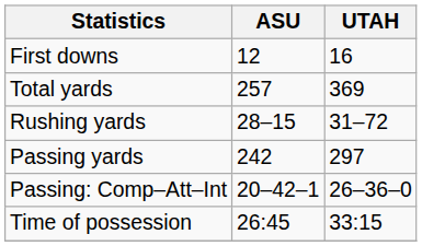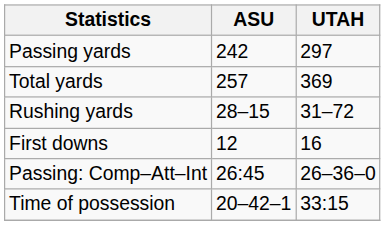 <table class="wikitable" style="float: left;">
 <tr>
 <th>Statistics</th>
 <th>ASU</th>
 <th>UTAH</th>
 </tr>
 <tr>
-<td>First downs</td>
-<td>12</td>
-<td>16</td>
+<td>Passing yards</td>
+<td>242</td>
+<td>297</td>
 </tr>
 <tr>
 <td>Total yards</td>
 <td>257</td>
 <td>369</td>
 </tr>
 <tr>
 <td>Rushing yards</td>
 <td>28–15</td>
 <td>31–72</td>
 </tr>
 <tr>
-<td>Passing yards</td>
-<td>242</td>
-<td>297</td>
+<td>First downs</td>
+<td>12</td>
+<td>16</td>
 </tr>
 <tr>
 <td>Passing: Comp–Att–Int</td>
-<td>20–42–1</td>
+<td>26:45</td>
 <td>26–36–0</td>
 </tr>
 <tr>
 <td>Time of possession</td>
-<td>26:45</td>
+<td>20–42–1</td>
 <td>33:15</td>
 </tr>
 <tr>
 </tr>
 </table>
